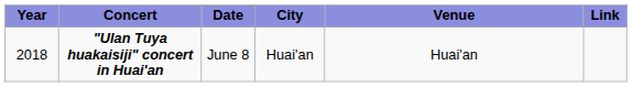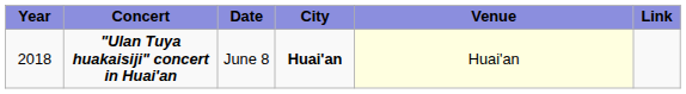 <table class="wikitable sortable mw-collapsible" width="80%" style="text-align:center">
 <tr align="center" style="background:#8B8EDE">
 <td style="width:2%"><strong>Year</strong></td>
 <td style="width:8%"><strong>Concert</strong></td>
 <td style="width:2%"><strong>Date</strong></td>
 <td style="width:2%"><strong>City</strong></td>
 <td style="width:18%"><strong>Venue</strong></td>
 <td style="width:1%"><strong>Link</strong></td>
 </tr>
 <tr>
 <td rowspan="2">2018</td>
 <td rowspan="2"><strong><em>"Ulan Tuya huakaisiji" concert in Huai'an</em></strong></td>
 <td>June 8</td>
-<td>Huai'an</td>
-<td>Huai'an</td>
+<td><strong>Huai'an</strong></td>
+<td style="background: lightyellow;">Huai'an</td>
 <td></td>
 </tr>
 </table>
